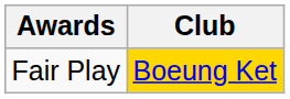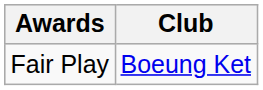 <table class="wikitable" style="font-size: 100%;">
 <tr>
 <th>Awards</th>
 <th>Club</th>
 </tr>
 <tr>
 <td>Fair Play</td>
-<td style="background: gold;"><a href='#'>Boeung Ket</a></td>
+<td><a href='#'>Boeung Ket</a></td>
 </tr>
 </table>
